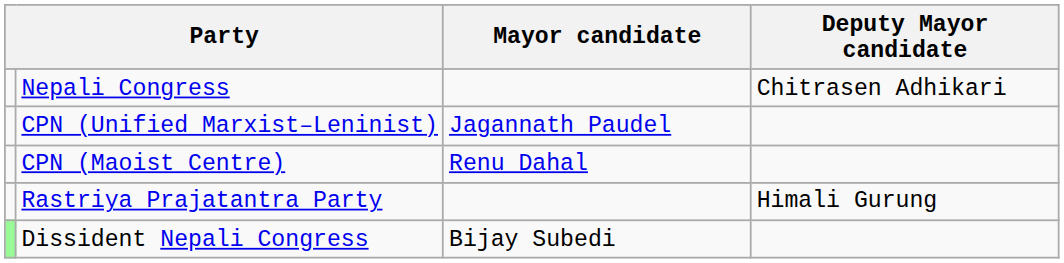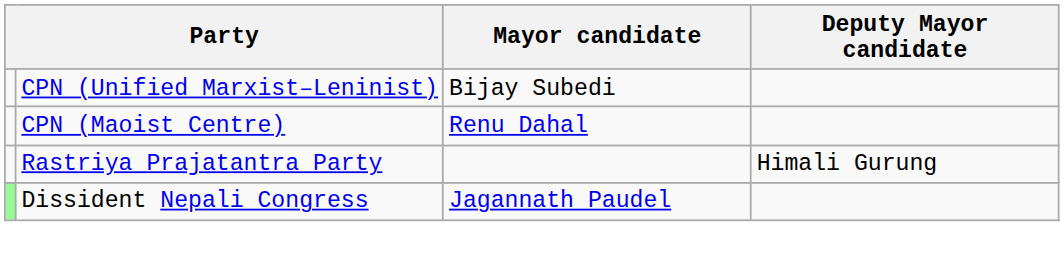 <table class="wikitable">
 <tr>
 <th colspan="2">Party</th>
 <th style="width: 125pt;">Mayor candidate</th>
 <th style="width: 125pt;">Deputy Mayor candidate</th>
 </tr>
 <tr>
 <td style="background-color:"></td>
-<td><a href='#'>Nepali Congress</a></td>
-<td></td>
-<td>Chitrasen Adhikari</td>
-</tr>
-<tr>
-<td style="background-color:"></td>
 <td><a href='#'>CPN (Unified Marxist–Leninist)</a></td>
-<td><a href='#'>Jagannath Paudel</a></td>
+<td>Bijay Subedi</td>
 <td></td>
 </tr>
 <tr>
 <td style="background-color:"></td>
 <td><a href='#'>CPN (Maoist Centre)</a></td>
 <td><a href='#'>Renu Dahal</a></td>
 <td></td>
 </tr>
 <tr>
 <td style="background-color:"></td>
 <td><a href='#'>Rastriya Prajatantra Party</a></td>
 <td></td>
 <td>Himali Gurung</td>
 </tr>
 <tr>
 <td style="background-color:palegreen;"></td>
 <td>Dissident <a href='#'>Nepali Congress</a></td>
-<td>Bijay Subedi</td>
+<td><a href='#'>Jagannath Paudel</a></td>
 <td></td>
 </tr>
 </table>
